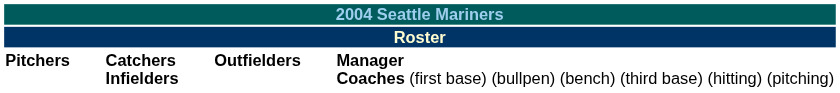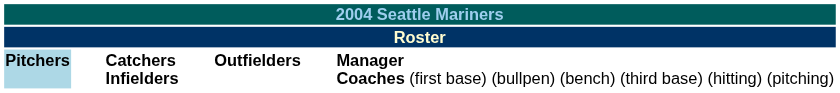 <table class="toccolours" style="font-size: 95%;">
 <tr>
 <th colspan="10" style="background-color: #005c5c; color:#9ECEEE; text-align: center;">2004 Seattle Mariners</th>
 </tr>
 <tr>
 <td colspan="10" style="background-color: #003366; color: #FFFDD0; text-align: center;"><strong>Roster</strong></td>
 </tr>
 <tr>
-<td valign="top"><strong>Pitchers</strong><br>                      </td>
+<td valign="top" style="background: lightblue;"><strong>Pitchers</strong><br>                      </td>
 <td width="25px"></td>
 <td valign="top"><strong>Catchers</strong><br>     <strong>Infielders</strong>              </td>
 <td width="25px"></td>
 <td valign="top"><strong>Outfielders</strong><br>     </td>
 <td width="25px"></td>
 <td valign="top"><strong>Manager</strong><br> <strong>Coaches</strong>  (first base)  (bullpen)  (bench)  (third base)  (hitting)  (pitching)</td>
 </tr>
 </table>
